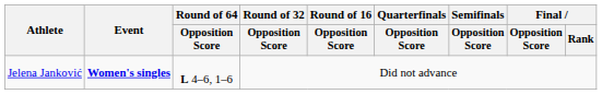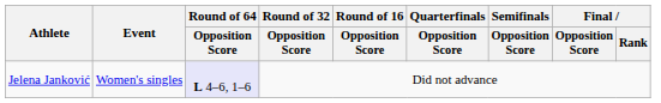 <table class=wikitable style="font-size:90%">
 <tr>
 <th rowspan="2">Athlete</th>
 <th rowspan="2">Event</th>
 <th>Round of 64</th>
 <th>Round of 32</th>
 <th>Round of 16</th>
 <th>Quarterfinals</th>
 <th>Semifinals</th>
 <th colspan=2>Final / </th>
 </tr>
 <tr style="font-size:95%">
 <th>Opposition<br>Score</th>
 <th>Opposition<br>Score</th>
 <th>Opposition<br>Score</th>
 <th>Opposition<br>Score</th>
 <th>Opposition<br>Score</th>
 <th>Opposition<br>Score</th>
 <th>Rank</th>
 </tr>
 <tr align=center>
 <td align=left><a href='#'>Jelena Janković</a></td>
-<td align=left><strong><a href='#'>Women's singles</a></strong></td>
-<td><br><strong>L</strong> 4–6, 1–6</td>
+<td align=left><a href='#'>Women's singles</a></td>
+<td style="background: lavender;"><br><strong>L</strong> 4–6, 1–6</td>
 <td colspan=6>Did not advance</td>
 </tr>
 </table>
